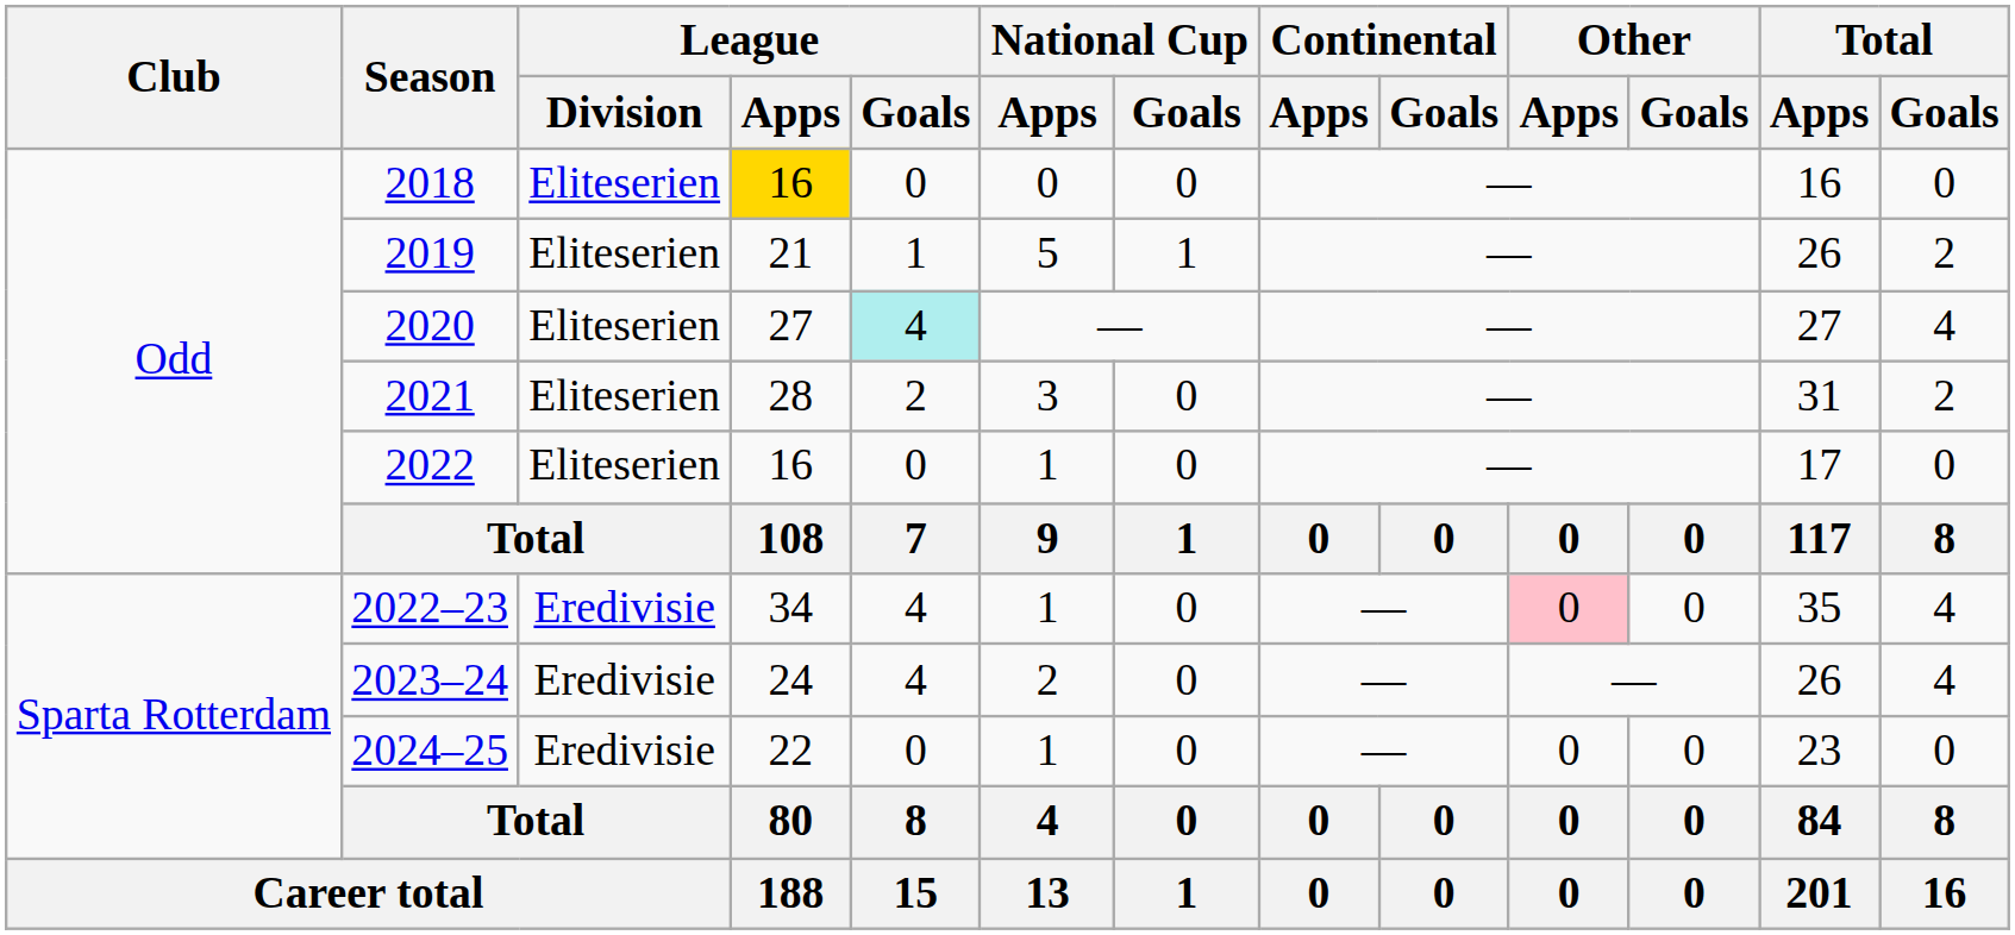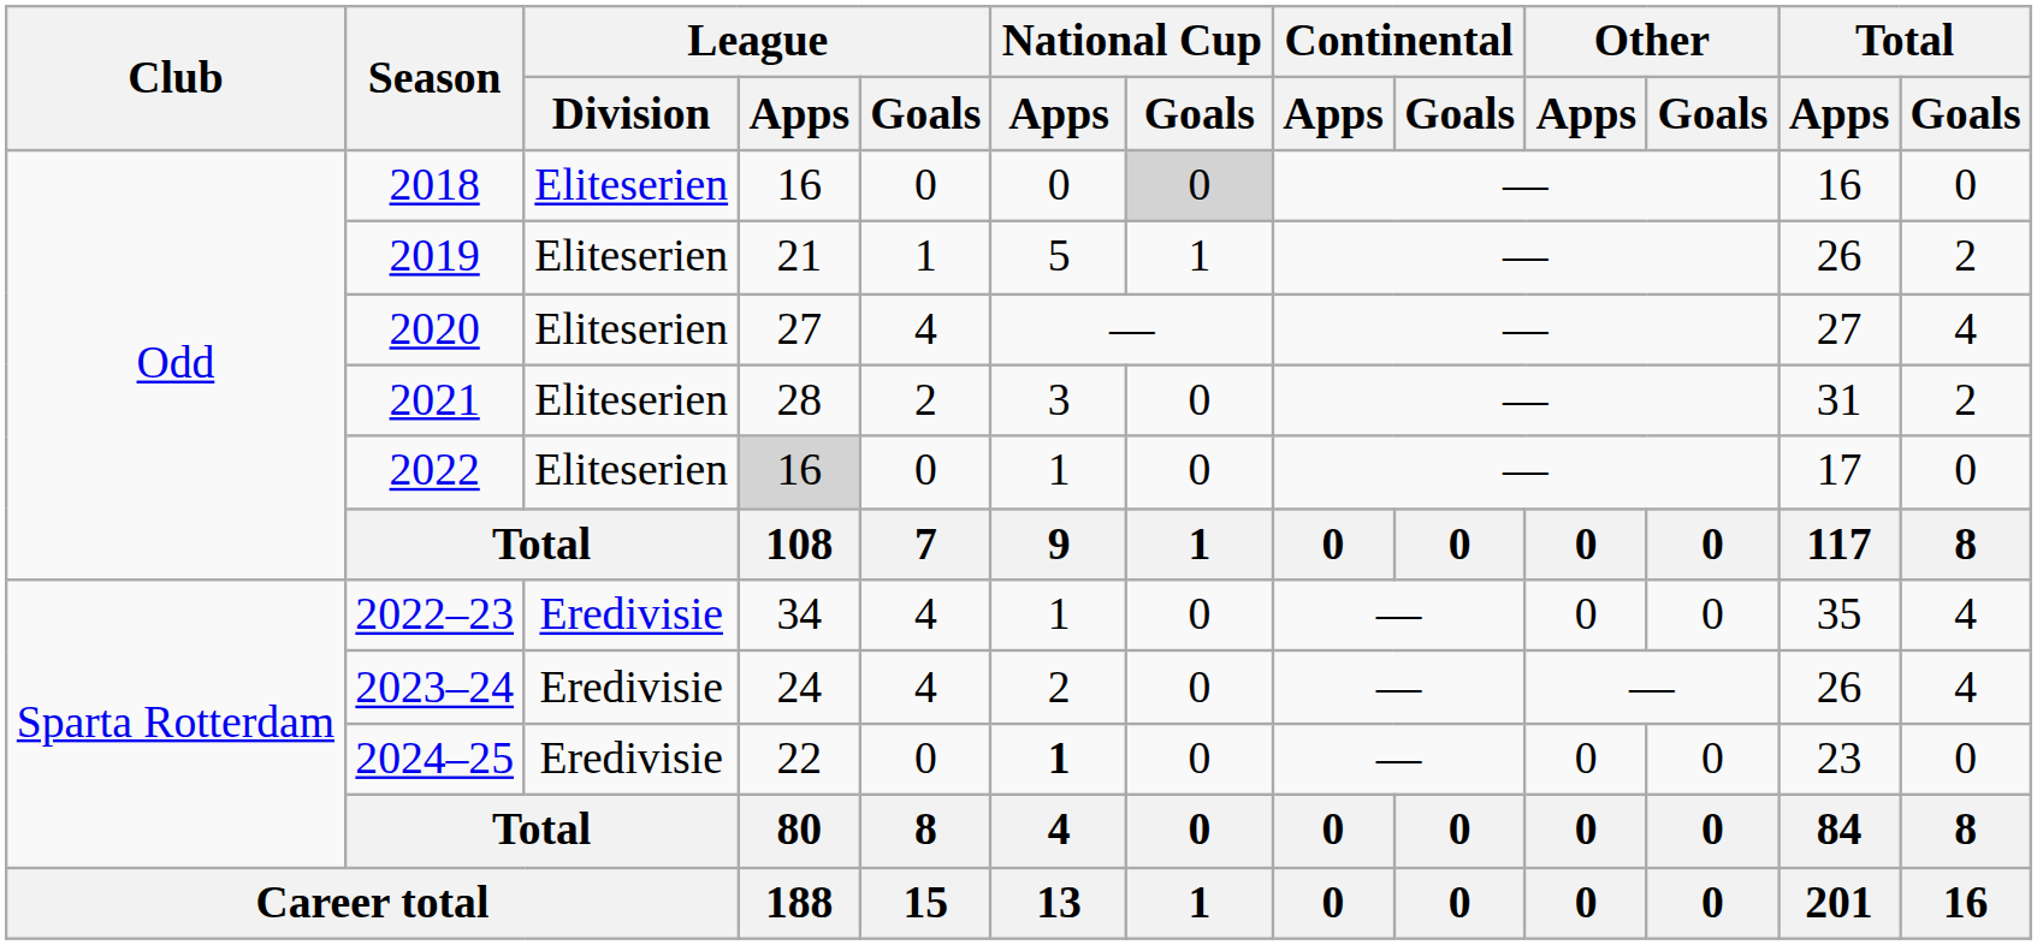 <table class="wikitable" style="text-align: center;">
 <tr>
 <th rowspan="2">Club</th>
 <th rowspan="2">Season</th>
 <th colspan="3">League</th>
 <th colspan="2">National Cup</th>
 <th colspan="2">Continental</th>
 <th colspan="2">Other</th>
 <th colspan="2">Total</th>
 </tr>
 <tr>
 <th>Division</th>
 <th>Apps</th>
 <th>Goals</th>
 <th>Apps</th>
 <th>Goals</th>
 <th>Apps</th>
 <th>Goals</th>
 <th>Apps</th>
 <th>Goals</th>
 <th>Apps</th>
 <th>Goals</th>
 </tr>
 <tr>
 <td rowspan=6><a href='#'>Odd</a></td>
 <td><a href='#'>2018</a></td>
 <td><a href='#'>Eliteserien</a></td>
-<td style="background: gold;">16</td>
+<td>16</td>
 <td>0</td>
 <td>0</td>
-<td>0</td>
+<td style="background: lightgrey;">0</td>
 <td colspan="4">—</td>
 <td>16</td>
 <td>0</td>
 </tr>
 <tr>
 <td><a href='#'>2019</a></td>
 <td>Eliteserien</td>
 <td>21</td>
 <td>1</td>
 <td>5</td>
 <td>1</td>
 <td colspan=4>—</td>
 <td>26</td>
 <td>2</td>
 </tr>
 <tr>
 <td><a href='#'>2020</a></td>
 <td>Eliteserien</td>
 <td>27</td>
-<td style="background: paleturquoise;">4</td>
+<td>4</td>
 <td colspan=2>—</td>
 <td colspan=4>—</td>
 <td>27</td>
 <td>4</td>
 </tr>
 <tr>
 <td><a href='#'>2021</a></td>
 <td>Eliteserien</td>
 <td>28</td>
 <td>2</td>
 <td>3</td>
 <td>0</td>
 <td colspan=4>—</td>
 <td>31</td>
 <td>2</td>
 </tr>
 <tr>
 <td><a href='#'>2022</a></td>
 <td>Eliteserien</td>
-<td>16</td>
+<td style="background: lightgrey;">16</td>
 <td>0</td>
 <td>1</td>
 <td>0</td>
 <td colspan=4>—</td>
 <td>17</td>
 <td>0</td>
 </tr>
 <tr>
 <th colspan=2>Total</th>
 <th>108</th>
 <th>7</th>
 <th>9</th>
 <th>1</th>
 <th>0</th>
 <th>0</th>
 <th>0</th>
 <th>0</th>
 <th>117</th>
 <th>8</th>
 </tr>
 <tr>
 <td rowspan=4><a href='#'>Sparta Rotterdam</a></td>
 <td><a href='#'>2022–23</a></td>
 <td><a href='#'>Eredivisie</a></td>
 <td>34</td>
 <td>4</td>
 <td>1</td>
 <td>0</td>
 <td colspan="2">—</td>
-<td style="background: pink;">0</td>
+<td>0</td>
 <td>0</td>
 <td>35</td>
 <td>4</td>
 </tr>
 <tr>
 <td><a href='#'>2023–24</a></td>
 <td>Eredivisie</td>
 <td>24</td>
 <td>4</td>
 <td>2</td>
 <td>0</td>
 <td colspan="2">—</td>
 <td colspan="2">—</td>
 <td>26</td>
 <td>4</td>
 </tr>
 <tr>
 <td><a href='#'>2024–25</a></td>
 <td>Eredivisie</td>
 <td>22</td>
 <td>0</td>
-<td>1</td>
+<td><strong>1</strong></td>
 <td>0</td>
 <td colspan="2">—</td>
 <td>0</td>
 <td>0</td>
 <td>23</td>
 <td>0</td>
 </tr>
 <tr>
 <th colspan=2>Total</th>
 <th>80</th>
 <th>8</th>
 <th>4</th>
 <th>0</th>
 <th>0</th>
 <th>0</th>
 <th>0</th>
 <th>0</th>
 <th>84</th>
 <th>8</th>
 </tr>
 <tr>
 <th colspan="3">Career total</th>
 <th>188</th>
 <th>15</th>
 <th>13</th>
 <th>1</th>
 <th>0</th>
 <th>0</th>
 <th>0</th>
 <th>0</th>
 <th>201</th>
 <th>16</th>
 </tr>
 </table>
